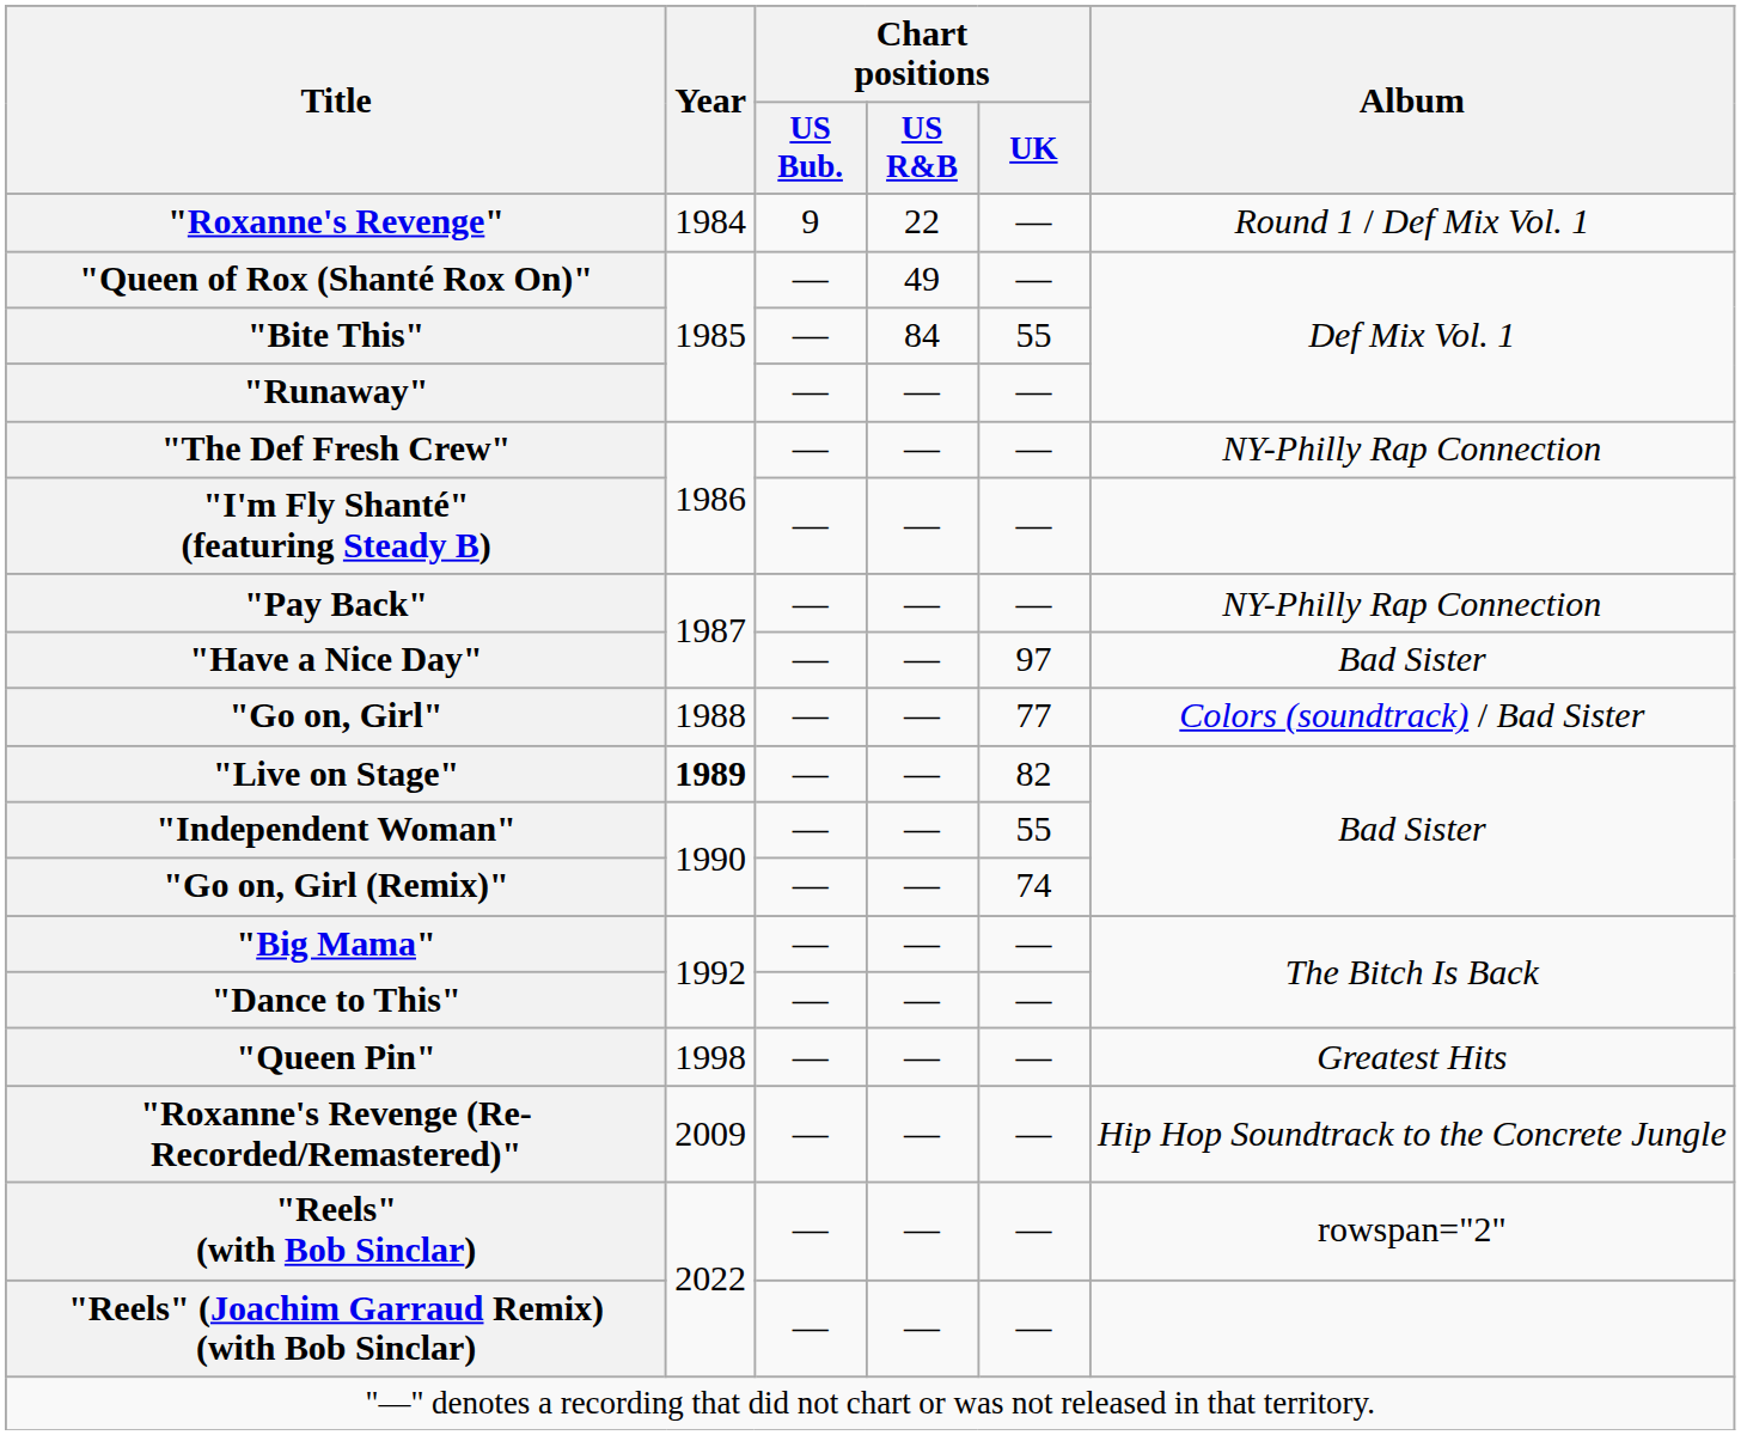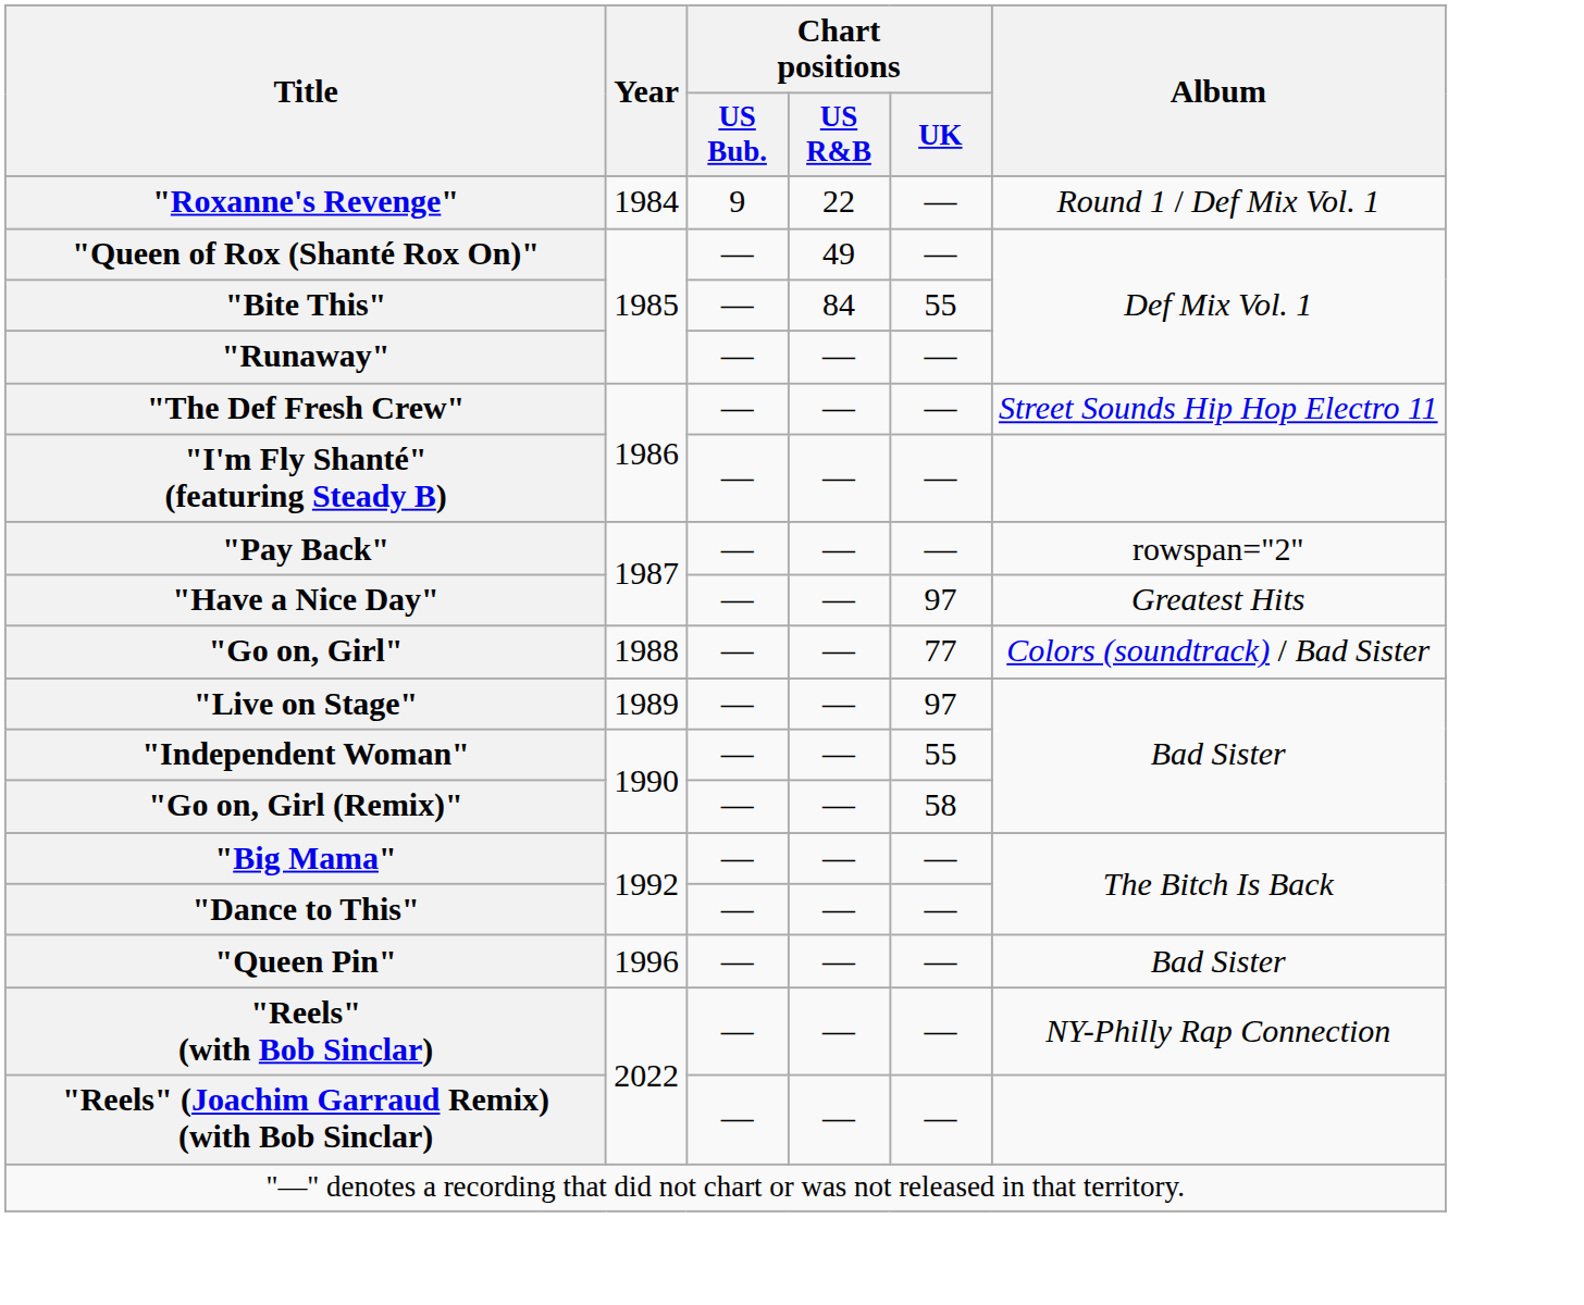 <table class="wikitable plainrowheaders" style="text-align:center;" border="1">
 <tr>
 <th scope="col" rowspan="2" style="width:18em;">Title</th>
 <th scope="col" rowspan="2">Year</th>
 <th scope="col" colspan="3">Chart<br> positions</th>
 <th scope="col" rowspan="2">Album</th>
 </tr>
 <tr>
 <th scope="col" style="width:3em;font-size:90%;"><a href='#'>US Bub.</a><br></th>
 <th scope="col" style="width:3em;font-size:90%;"><a href='#'>US R&B</a><br></th>
 <th scope="col" style="width:3em;font-size:90%;"><a href='#'>UK</a><br></th>
 </tr>
 <tr>
 <th scope="row">"<a href='#'>Roxanne's Revenge</a>"</th>
 <td>1984</td>
 <td>9</td>
 <td>22</td>
 <td>—</td>
 <td><em>Round 1</em> / <em>Def Mix Vol. 1</em></td>
 </tr>
 <tr>
 <th scope="row">"Queen of Rox (Shanté Rox On)"</th>
 <td rowspan="3">1985</td>
 <td>—</td>
 <td>49</td>
 <td>—</td>
 <td rowspan="3"><em>Def Mix Vol. 1</em></td>
 </tr>
 <tr>
 <th scope="row">"Bite This"</th>
 <td>—</td>
 <td>84</td>
 <td>55</td>
 </tr>
 <tr>
 <th scope="row">"Runaway"</th>
 <td>—</td>
 <td>—</td>
 <td>—</td>
 </tr>
 <tr>
 <th scope="row">"The Def Fresh Crew"</th>
 <td rowspan="2">1986</td>
 <td>—</td>
 <td>—</td>
 <td>—</td>
-<td><em>NY-Philly Rap Connection</em></td>
+<td><em><a href='#'>Street Sounds Hip Hop Electro 11</a></em></td>
 </tr>
 <tr>
 <th scope="row">"I'm Fly Shanté"<br><span>(featuring <a href='#'>Steady B</a>)</span></th>
 <td>—</td>
 <td>—</td>
 <td>—</td>
 <td></td>
 </tr>
 <tr>
 <th scope="row">"Pay Back"</th>
 <td rowspan="2">1987</td>
 <td>—</td>
 <td>—</td>
 <td>—</td>
-<td><em>NY-Philly Rap Connection</em></td>
+<td>rowspan="2" </td>
 </tr>
 <tr>
 <th scope="row">"Have a Nice Day"</th>
 <td>—</td>
 <td>—</td>
 <td>97</td>
-<td><em>Bad Sister</em></td>
+<td><em>Greatest Hits</em></td>
 </tr>
 <tr>
 <th scope="row">"Go on, Girl"</th>
 <td>1988</td>
 <td>—</td>
 <td>—</td>
 <td>77</td>
 <td><em><a href='#'>Colors (soundtrack)</a></em> / <em>Bad Sister</em></td>
 </tr>
 <tr>
 <th scope="row">"Live on Stage"</th>
-<td><strong>1989</strong></td>
+<td>1989</td>
 <td>—</td>
 <td>—</td>
-<td>82</td>
+<td>97</td>
 <td rowspan="3"><em>Bad Sister</em></td>
 </tr>
 <tr>
 <th scope="row">"Independent Woman"</th>
 <td rowspan="2">1990</td>
 <td>—</td>
 <td>—</td>
 <td>55</td>
 </tr>
 <tr>
 <th scope="row">"Go on, Girl (Remix)"</th>
 <td>—</td>
 <td>—</td>
-<td>74</td>
+<td>58</td>
 </tr>
 <tr>
 <th scope="row">"<a href='#'>Big Mama</a>"</th>
 <td rowspan="2">1992</td>
 <td>—</td>
 <td>—</td>
 <td>—</td>
 <td rowspan="2"><em>The Bitch Is Back</em></td>
 </tr>
 <tr>
 <th scope="row">"Dance to This"</th>
 <td>—</td>
 <td>—</td>
 <td>—</td>
 </tr>
 <tr>
 <th scope="row">"Queen Pin"</th>
-<td>1998</td>
+<td>1996</td>
 <td>—</td>
 <td>—</td>
 <td>—</td>
-<td><em>Greatest Hits</em></td>
-</tr>
-<tr>
-<th scope="row">"Roxanne's Revenge (Re-Recorded/Remastered)"</th>
-<td>2009</td>
-<td>—</td>
-<td>—</td>
-<td>—</td>
-<td><em>Hip Hop Soundtrack to the Concrete Jungle</em></td>
+<td><em>Bad Sister</em></td>
 </tr>
 <tr>
 <th scope="row">"Reels"<br><span>(with <a href='#'>Bob Sinclar</a>)</span></th>
 <td rowspan="2">2022</td>
 <td>—</td>
 <td>—</td>
 <td>—</td>
-<td>rowspan="2" </td>
+<td><em>NY-Philly Rap Connection</em></td>
 </tr>
 <tr>
 <th scope="row">"Reels" (<a href='#'>Joachim Garraud</a> Remix)<br><span>(with Bob Sinclar)</span></th>
 <td>—</td>
 <td>—</td>
 <td>—</td>
 </tr>
 <tr>
 <td colspan="6" style="font-size:90%">"—" denotes a recording that did not chart or was not released in that territory.</td>
 </tr>
 </table>
